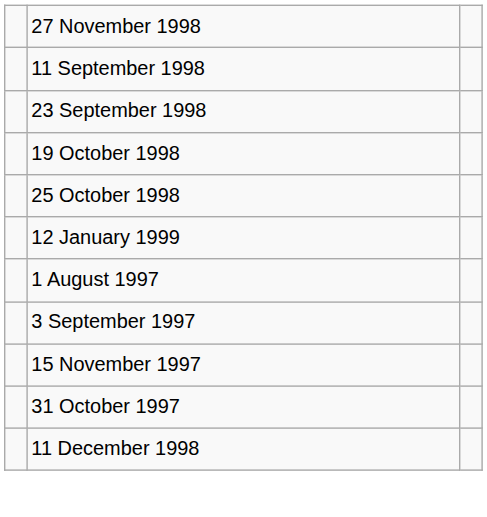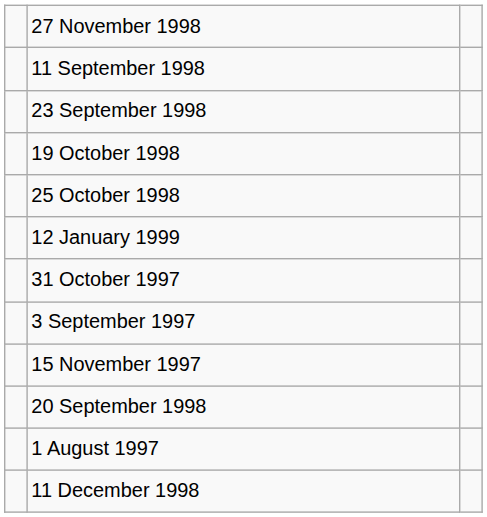 <table class="wikitable" style="font-size: 89%; float: left; width: 24em; margin-right: 1em; line-height: 1.65em !important; height: 324px;">
 <tr>
 <td></td>
 <td>27 November 1998</td>
 <td></td>
 </tr>
 <tr>
 <td></td>
 <td>11 September 1998</td>
 <td></td>
 </tr>
 <tr>
 <td></td>
 <td>23 September 1998</td>
 <td></td>
 </tr>
 <tr>
 <td></td>
 <td>19 October 1998</td>
 <td></td>
 </tr>
 <tr>
 <td></td>
 <td>25 October 1998</td>
 <td></td>
 </tr>
 <tr>
 <td></td>
 <td>12 January 1999</td>
 <td></td>
 </tr>
 <tr>
 <td></td>
-<td>1 August 1997</td>
+<td>31 October 1997</td>
 <td></td>
 </tr>
 <tr>
 <td></td>
 <td>3 September 1997</td>
 <td></td>
 </tr>
 <tr>
 <td></td>
 <td>15 November 1997</td>
 <td></td>
 </tr>
 <tr>
 <td></td>
-<td>31 October 1997</td>
+<td>20 September 1998</td>
+<td></td>
+</tr>
+<tr>
+<td></td>
+<td>1 August 1997</td>
 <td></td>
 </tr>
 <tr>
 <td></td>
 <td>11 December 1998</td>
 <td></td>
 </tr>
 </table>
